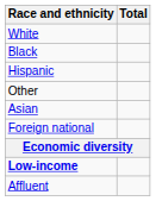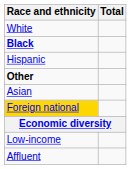 <table class="wikitable floatright sortable collapsible" ; text-align:right; font-size:80%;">
 <tr>
 <th>Race and ethnicity</th>
 <th colspan="2" data-sort-type="number">Total</th>
 </tr>
 <tr>
 <td><a href='#'>White</a></td>
 <td align=right></td>
 </tr>
 <tr>
-<td><a href='#'>Black</a></td>
+<td><strong><a href='#'>Black</a></strong></td>
 <td align=right></td>
 </tr>
 <tr>
 <td><a href='#'>Hispanic</a></td>
 <td align=right></td>
 </tr>
 <tr>
-<td>Other</td>
+<td><strong>Other</strong></td>
 <td align=right></td>
 </tr>
 <tr>
 <td><a href='#'>Asian</a></td>
 <td align=right></td>
 </tr>
 <tr>
-<td><a href='#'>Foreign national</a></td>
+<td style="background: gold;"><a href='#'>Foreign national</a></td>
 <td align=right></td>
 </tr>
 <tr>
 <th colspan="4" data-sort-type="number"><a href='#'>Economic diversity</a></th>
 </tr>
 <tr>
-<td><strong><a href='#'>Low-income</a></strong></td>
+<td><a href='#'>Low-income</a></td>
 <td align=right></td>
 </tr>
 <tr>
 <td><a href='#'>Affluent</a></td>
 <td align=right></td>
 </tr>
 </table>
